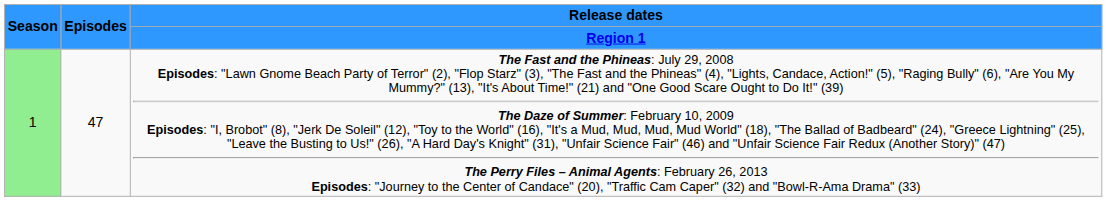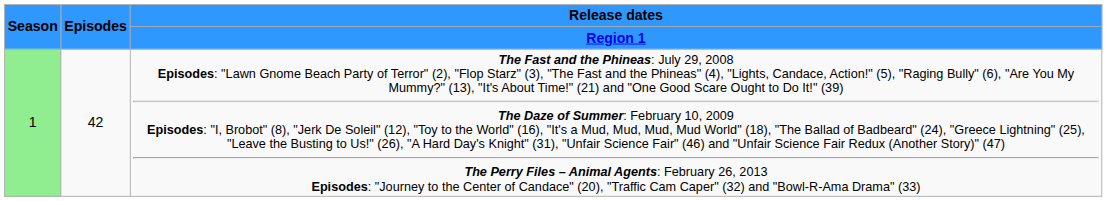 <table class="wikitable" style="text-align: center;">
 <tr>
 <th rowspan=2 style="background:#2E98FF">Season</th>
 <th rowspan=2 style="background:#2E98FF">Episodes</th>
 <th style="background:#2E98FF">Release dates</th>
 </tr>
 <tr>
 <th style="background:#2E98FF"><a href='#'>Region 1</a></th>
 </tr>
 <tr>
 <td style="background: lightgreen;">1</td>
-<td>47</td>
+<td>42</td>
 <td style="font-size:90%"><strong><em>The Fast and the Phineas</em></strong>: July 29, 2008<br><strong>Episodes</strong>: "Lawn Gnome Beach Party of Terror" (2), "Flop Starz" (3), "The Fast and the Phineas" (4), "Lights, Candace, Action!" (5), "Raging Bully" (6), "Are You My Mummy?" (13), "It's About Time!" (21) and "One Good Scare Ought to Do It!" (39)<hr><strong><em>The Daze of Summer</em></strong>: February 10, 2009<br><strong>Episodes</strong>: "I, Brobot" (8), "Jerk De Soleil" (12), "Toy to the World" (16), "It's a Mud, Mud, Mud, Mud World" (18), "The Ballad of Badbeard" (24), "Greece Lightning" (25), "Leave the Busting to Us!" (26), "A Hard Day's Knight" (31), "Unfair Science Fair" (46) and "Unfair Science Fair Redux (Another Story)" (47)<hr><strong><em>The Perry Files – Animal Agents</em></strong>: February 26, 2013<br><strong>Episodes</strong>: "Journey to the Center of Candace" (20), "Traffic Cam Caper" (32) and "Bowl-R-Ama Drama" (33)</td>
 </tr>
 </table>
